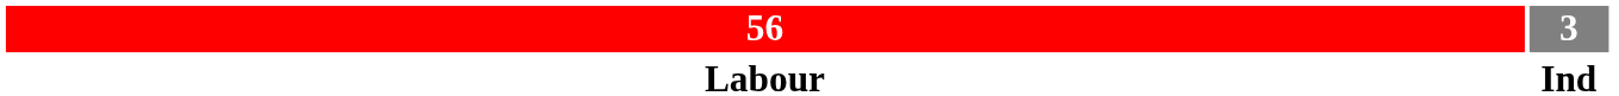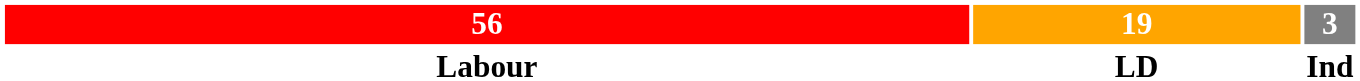 <table style="text-align:center;">
 <tr style="color:white;">
 <td style="background:red; width:71.8%;"><strong>56</strong></td>
+<td style="background:orange; width:24.4%;"><strong>19</strong></td>
 <td style="background:grey; width:3.8%"><strong>3</strong></td>
 </tr>
 <tr>
 <td><span><strong>Labour</strong></span></td>
+<td><span><strong>LD</strong></span></td>
 <td><span><strong>Ind</strong></span></td>
 </tr>
 </table>
